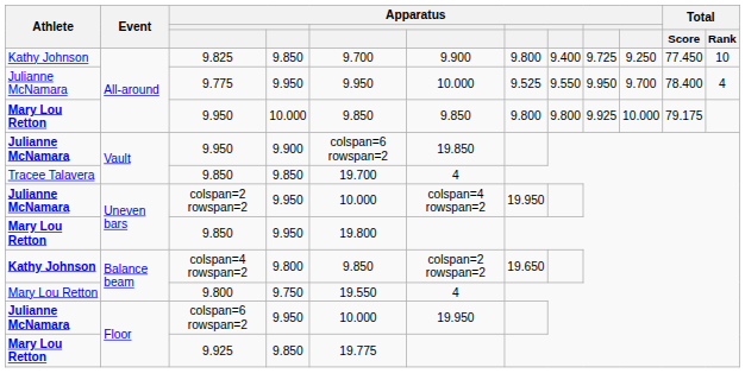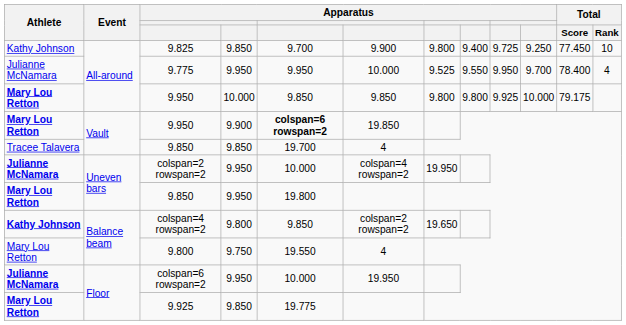 <table class=wikitable style=font-size:90%;text-align:center>
 <tr>
 <th rowspan=3>Athlete</th>
 <th rowspan=3>Event</th>
 <th colspan=8>Apparatus</th>
 <th colspan=2 rowspan=2>Total</th>
 </tr>
 <tr style=font-size:95%>
 <th colspan=2></th>
 <th colspan=2></th>
 <th colspan=2></th>
 <th colspan=2></th>
 </tr>
 <tr style=font-size:95%>
 <th></th>
 <th></th>
 <th></th>
 <th></th>
 <th></th>
 <th></th>
 <th></th>
 <th></th>
 <th>Score</th>
 <th>Rank</th>
 </tr>
 <tr>
 <td align=left><a href='#'>Kathy Johnson</a></td>
 <td align=left rowspan=3><a href='#'>All-around</a></td>
 <td>9.825</td>
 <td>9.850</td>
 <td>9.700</td>
 <td>9.900</td>
 <td>9.800</td>
 <td>9.400</td>
 <td>9.725</td>
 <td>9.250</td>
 <td>77.450</td>
 <td>10</td>
 </tr>
 <tr>
 <td align=left><a href='#'>Julianne McNamara</a></td>
 <td>9.775</td>
 <td>9.950</td>
 <td>9.950</td>
 <td>10.000</td>
 <td>9.525</td>
 <td>9.550</td>
 <td>9.950</td>
 <td>9.700</td>
 <td>78.400</td>
 <td>4</td>
 </tr>
 <tr>
 <td align=left><strong><a href='#'>Mary Lou Retton</a></strong></td>
 <td>9.950</td>
 <td>10.000</td>
 <td>9.850</td>
 <td>9.850</td>
 <td>9.800</td>
 <td>9.800</td>
 <td>9.925</td>
 <td>10.000</td>
 <td>79.175</td>
 <td></td>
 </tr>
 <tr>
-<td align=left><strong><a href='#'>Julianne McNamara</a></strong></td>
+<td align=left><strong><a href='#'>Mary Lou Retton</a></strong></td>
 <td align=left rowspan=2><a href='#'>Vault</a></td>
 <td>9.950</td>
 <td>9.900</td>
-<td>colspan=6 rowspan=2 </td>
+<td><strong>colspan=6 rowspan=2 </strong></td>
 <td>19.850</td>
 <td></td>
 </tr>
 <tr>
 <td align=left><a href='#'>Tracee Talavera</a></td>
 <td>9.850</td>
 <td>9.850</td>
 <td>19.700</td>
 <td>4</td>
 </tr>
 <tr>
 <td align=left><strong><a href='#'>Julianne McNamara</a></strong></td>
 <td align=left rowspan=2><a href='#'>Uneven bars</a></td>
 <td>colspan=2 rowspan=2 </td>
 <td>9.950</td>
 <td>10.000</td>
 <td>colspan=4 rowspan=2 </td>
 <td>19.950</td>
 <td></td>
 </tr>
 <tr>
 <td align=left><strong><a href='#'>Mary Lou Retton</a></strong></td>
 <td>9.850</td>
 <td>9.950</td>
 <td>19.800</td>
 <td></td>
 </tr>
 <tr>
 <td align=left><strong><a href='#'>Kathy Johnson</a></strong></td>
 <td align=left rowspan=2><a href='#'>Balance beam</a></td>
 <td>colspan=4 rowspan=2 </td>
 <td>9.800</td>
 <td>9.850</td>
 <td>colspan=2 rowspan=2 </td>
 <td>19.650</td>
 <td></td>
 </tr>
 <tr>
 <td align=left><a href='#'>Mary Lou Retton</a></td>
 <td>9.800</td>
 <td>9.750</td>
 <td>19.550</td>
 <td>4</td>
 </tr>
 <tr>
 <td align=left><strong><a href='#'>Julianne McNamara</a></strong></td>
 <td align=left rowspan=2><a href='#'>Floor</a></td>
 <td>colspan=6 rowspan=2 </td>
 <td>9.950</td>
 <td>10.000</td>
 <td>19.950</td>
 <td></td>
 </tr>
 <tr>
 <td align=left><strong><a href='#'>Mary Lou Retton</a></strong></td>
 <td>9.925</td>
 <td>9.850</td>
 <td>19.775</td>
 <td></td>
 </tr>
 </table>
